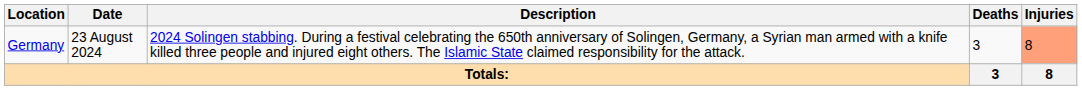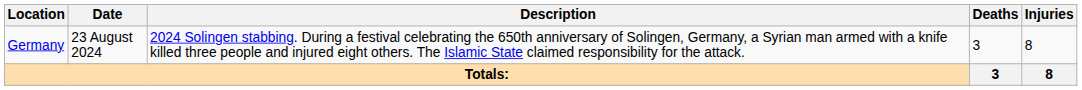 <table class="wikitable sortable">
 <tr>
 <th scope="col">Location</th>
 <th scope="col">Date</th>
 <th scope="col" class="unsortable">Description</th>
 <th scope="col">Deaths</th>
 <th scope="col">Injuries</th>
 </tr>
 <tr>
 <td><a href='#'>Germany</a></td>
 <td>23 August 2024</td>
 <td><a href='#'>2024 Solingen stabbing</a>. During a festival celebrating the 650th anniversary of Solingen, Germany, a Syrian man armed with a knife killed three people and injured eight others. The <a href='#'>Islamic State</a> claimed responsibility for the attack.</td>
 <td>3</td>
-<td style="background: lightsalmon;">8</td>
+<td>8</td>
 </tr>
 <tr>
 <th style="background:navajowhite" colspan="3">Totals:</th>
 <th>3</th>
 <th>8</th>
 </tr>
 </table>
